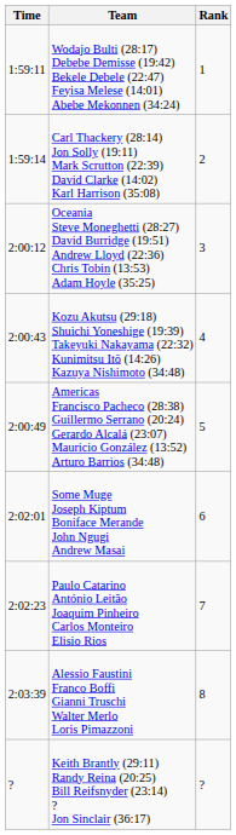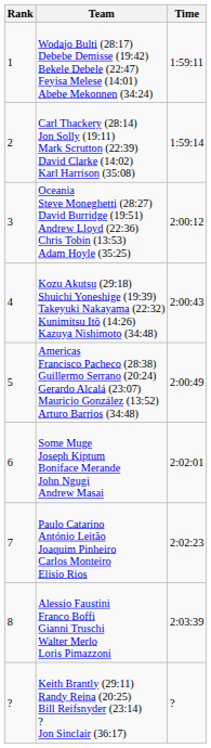 <table class=wikitable>
 <tr>
+<th>Rank</th>
+<th>Team</th>
 <th>Time</th>
-<th>Team</th>
-<th>Rank</th>
 </tr>
 <tr>
+<td>1</td>
+<td><br><a href='#'>Wodajo Bulti</a> (28:17)<br><a href='#'>Debebe Demisse</a> (19:42)<br><a href='#'>Bekele Debele</a> (22:47)<br><a href='#'>Feyisa Melese</a> (14:01)<br><a href='#'>Abebe Mekonnen</a> (34:24)</td>
 <td>1:59:11</td>
-<td><br><a href='#'>Wodajo Bulti</a> (28:17)<br><a href='#'>Debebe Demisse</a> (19:42)<br><a href='#'>Bekele Debele</a> (22:47)<br><a href='#'>Feyisa Melese</a> (14:01)<br><a href='#'>Abebe Mekonnen</a> (34:24)</td>
-<td>1</td>
 </tr>
 <tr>
+<td>2</td>
+<td><br><a href='#'>Carl Thackery</a> (28:14)<br><a href='#'>Jon Solly</a> (19:11)<br><a href='#'>Mark Scrutton</a> (22:39)<br><a href='#'>David Clarke</a> (14:02)<br><a href='#'>Karl Harrison</a> (35:08)</td>
 <td>1:59:14</td>
-<td><br><a href='#'>Carl Thackery</a> (28:14)<br><a href='#'>Jon Solly</a> (19:11)<br><a href='#'>Mark Scrutton</a> (22:39)<br><a href='#'>David Clarke</a> (14:02)<br><a href='#'>Karl Harrison</a> (35:08)</td>
-<td>2</td>
 </tr>
 <tr>
+<td>3</td>
+<td><a href='#'>Oceania</a><br><a href='#'>Steve Moneghetti</a> (28:27)<br><a href='#'>David Burridge</a> (19:51)<br><a href='#'>Andrew Lloyd</a> (22:36)<br><a href='#'>Chris Tobin</a> (13:53)<br><a href='#'>Adam Hoyle</a> (35:25)</td>
 <td>2:00:12</td>
-<td><a href='#'>Oceania</a><br><a href='#'>Steve Moneghetti</a> (28:27)<br><a href='#'>David Burridge</a> (19:51)<br><a href='#'>Andrew Lloyd</a> (22:36)<br><a href='#'>Chris Tobin</a> (13:53)<br><a href='#'>Adam Hoyle</a> (35:25)</td>
-<td>3</td>
 </tr>
 <tr>
+<td>4</td>
+<td><br><a href='#'>Kozu Akutsu</a> (29:18)<br><a href='#'>Shuichi Yoneshige</a> (19:39)<br><a href='#'>Takeyuki Nakayama</a> (22:32)<br><a href='#'>Kunimitsu Itō</a> (14:26)<br><a href='#'>Kazuya Nishimoto</a> (34:48)</td>
 <td>2:00:43</td>
-<td><br><a href='#'>Kozu Akutsu</a> (29:18)<br><a href='#'>Shuichi Yoneshige</a> (19:39)<br><a href='#'>Takeyuki Nakayama</a> (22:32)<br><a href='#'>Kunimitsu Itō</a> (14:26)<br><a href='#'>Kazuya Nishimoto</a> (34:48)</td>
-<td>4</td>
 </tr>
 <tr>
+<td>5</td>
+<td><a href='#'>Americas</a><br><a href='#'>Francisco Pacheco</a> (28:38)<br><a href='#'>Guillermo Serrano</a> (20:24)<br><a href='#'>Gerardo Alcalá</a> (23:07)<br><a href='#'>Mauricio González</a> (13:52)<br><a href='#'>Arturo Barrios</a> (34:48)</td>
 <td>2:00:49</td>
-<td><a href='#'>Americas</a><br><a href='#'>Francisco Pacheco</a> (28:38)<br><a href='#'>Guillermo Serrano</a> (20:24)<br><a href='#'>Gerardo Alcalá</a> (23:07)<br><a href='#'>Mauricio González</a> (13:52)<br><a href='#'>Arturo Barrios</a> (34:48)</td>
-<td>5</td>
 </tr>
 <tr>
+<td>6</td>
+<td><br><a href='#'>Some Muge</a><br><a href='#'>Joseph Kiptum</a><br><a href='#'>Boniface Merande</a><br><a href='#'>John Ngugi</a><br><a href='#'>Andrew Masai</a></td>
 <td>2:02:01</td>
-<td><br><a href='#'>Some Muge</a><br><a href='#'>Joseph Kiptum</a><br><a href='#'>Boniface Merande</a><br><a href='#'>John Ngugi</a><br><a href='#'>Andrew Masai</a></td>
-<td>6</td>
 </tr>
 <tr>
+<td>7</td>
+<td><br><a href='#'>Paulo Catarino</a><br><a href='#'>António Leitão</a><br><a href='#'>Joaquim Pinheiro</a><br><a href='#'>Carlos Monteiro</a><br><a href='#'>Elisio Rios</a></td>
 <td>2:02:23</td>
-<td><br><a href='#'>Paulo Catarino</a><br><a href='#'>António Leitão</a><br><a href='#'>Joaquim Pinheiro</a><br><a href='#'>Carlos Monteiro</a><br><a href='#'>Elisio Rios</a></td>
-<td>7</td>
 </tr>
 <tr>
+<td>8</td>
+<td><br><a href='#'>Alessio Faustini</a><br><a href='#'>Franco Boffi</a><br><a href='#'>Gianni Truschi</a><br><a href='#'>Walter Merlo</a><br><a href='#'>Loris Pimazzoni</a></td>
 <td>2:03:39</td>
-<td><br><a href='#'>Alessio Faustini</a><br><a href='#'>Franco Boffi</a><br><a href='#'>Gianni Truschi</a><br><a href='#'>Walter Merlo</a><br><a href='#'>Loris Pimazzoni</a></td>
-<td>8</td>
 </tr>
 <tr>
 <td>?</td>
 <td><br><a href='#'>Keith Brantly</a> (29:11)<br><a href='#'>Randy Reina</a> (20:25)<br><a href='#'>Bill Reifsnyder</a> (23:14)<br>?<br><a href='#'>Jon Sinclair</a> (36:17)</td>
 <td>?</td>
 </tr>
 </table>
